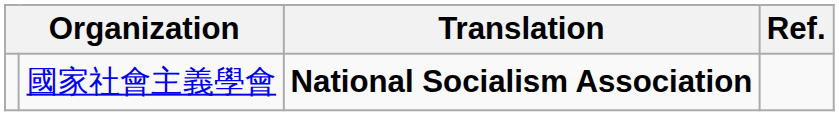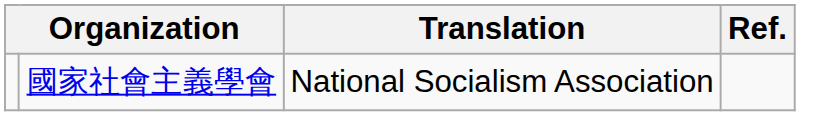 <table class="wikitable">
 <tr>
 <th colspan="2">Organization</th>
 <th>Translation</th>
 <th>Ref.</th>
 </tr>
 <tr>
 <td></td>
 <td><a href='#'>國家社會主義學會</a></td>
-<td><strong>National Socialism Association</strong></td>
+<td>National Socialism Association</td>
 <td></td>
 </tr>
 </table>
